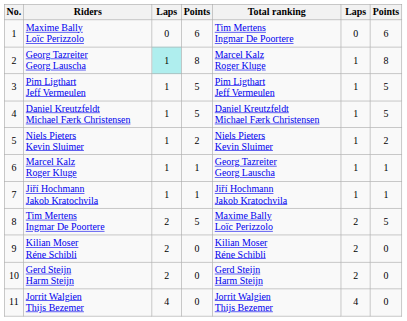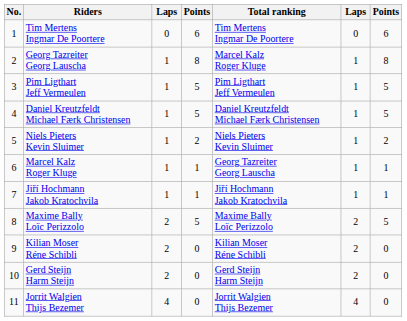 <table class="wikitable">
 <tr>
 <th width="20px">No.</th>
 <th width="200px">Riders</th>
 <th width="40px">Laps</th>
 <th width="40px">Points</th>
 <th width="200px">Total ranking</th>
 <th width="40px">Laps</th>
 <th width="40px">Points</th>
 </tr>
 <tr align=center>
 <td>1</td>
-<td align=left> <a href='#'>Maxime Bally</a><br>  <a href='#'>Loïc Perizzolo</a></td>
+<td align=left> <a href='#'>Tim Mertens</a><br>  <a href='#'>Ingmar De Poortere</a></td>
 <td>0</td>
 <td>6</td>
 <td align=left> <a href='#'>Tim Mertens</a><br>  <a href='#'>Ingmar De Poortere</a></td>
 <td>0</td>
 <td>6</td>
 </tr>
 <tr align=center>
 <td>2</td>
 <td align=left> <a href='#'>Georg Tazreiter</a><br>  <a href='#'>Georg Lauscha</a></td>
-<td style="background: paleturquoise;">1</td>
+<td>1</td>
 <td>8</td>
 <td align=left> <a href='#'>Marcel Kalz</a><br>  <a href='#'>Roger Kluge</a></td>
 <td>1</td>
 <td>8</td>
 </tr>
 <tr align=center>
 <td>3</td>
 <td align=left> <a href='#'>Pim Ligthart</a><br>  <a href='#'>Jeff Vermeulen</a></td>
 <td>1</td>
 <td>5</td>
 <td align=left> <a href='#'>Pim Ligthart</a><br>  <a href='#'>Jeff Vermeulen</a></td>
 <td>1</td>
 <td>5</td>
 </tr>
 <tr align=center>
 <td>4</td>
 <td align=left> <a href='#'>Daniel Kreutzfeldt</a><br>  <a href='#'>Michael Færk Christensen</a></td>
 <td>1</td>
 <td>5</td>
 <td align=left> <a href='#'>Daniel Kreutzfeldt</a><br>  <a href='#'>Michael Færk Christensen</a></td>
 <td>1</td>
 <td>5</td>
 </tr>
 <tr align=center>
 <td>5</td>
 <td align=left> <a href='#'>Niels Pieters</a><br>  <a href='#'>Kevin Sluimer</a></td>
 <td>1</td>
 <td>2</td>
 <td align=left> <a href='#'>Niels Pieters</a><br>  <a href='#'>Kevin Sluimer</a></td>
 <td>1</td>
 <td>2</td>
 </tr>
 <tr align=center>
 <td>6</td>
 <td align=left> <a href='#'>Marcel Kalz</a><br>  <a href='#'>Roger Kluge</a></td>
 <td>1</td>
 <td>1</td>
 <td align=left> <a href='#'>Georg Tazreiter</a><br>  <a href='#'>Georg Lauscha</a></td>
 <td>1</td>
 <td>1</td>
 </tr>
 <tr align=center>
 <td>7</td>
 <td align=left> <a href='#'>Jiří Hochmann</a><br>  <a href='#'>Jakob Kratochvila</a></td>
 <td>1</td>
 <td>1</td>
 <td align=left> <a href='#'>Jiří Hochmann</a><br>  <a href='#'>Jakob Kratochvila</a></td>
 <td>1</td>
 <td>1</td>
 </tr>
 <tr align=center>
 <td>8</td>
-<td align=left> <a href='#'>Tim Mertens</a><br>  <a href='#'>Ingmar De Poortere</a></td>
+<td align=left> <a href='#'>Maxime Bally</a><br>  <a href='#'>Loïc Perizzolo</a></td>
 <td>2</td>
 <td>5</td>
 <td align=left> <a href='#'>Maxime Bally</a><br>  <a href='#'>Loïc Perizzolo</a></td>
 <td>2</td>
 <td>5</td>
 </tr>
 <tr align=center>
 <td>9</td>
 <td align=left> <a href='#'>Kilian Moser</a><br>  <a href='#'>Réne Schibli</a></td>
 <td>2</td>
 <td>0</td>
 <td align=left> <a href='#'>Kilian Moser</a><br>  <a href='#'>Réne Schibli</a></td>
 <td>2</td>
 <td>0</td>
 </tr>
 <tr align=center>
 <td>10</td>
 <td align=left> <a href='#'>Gerd Steijn</a><br>  <a href='#'>Harm Steijn</a></td>
 <td>2</td>
 <td>0</td>
 <td align=left> <a href='#'>Gerd Steijn</a><br>  <a href='#'>Harm Steijn</a></td>
 <td>2</td>
 <td>0</td>
 </tr>
 <tr align=center>
 <td>11</td>
 <td align=left> <a href='#'>Jorrit Walgien</a><br>  <a href='#'>Thijs Bezemer</a></td>
 <td>4</td>
 <td>0</td>
 <td align=left> <a href='#'>Jorrit Walgien</a><br>  <a href='#'>Thijs Bezemer</a></td>
 <td>4</td>
 <td>0</td>
 </tr>
 </table>
